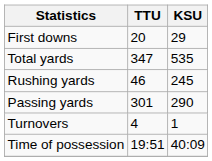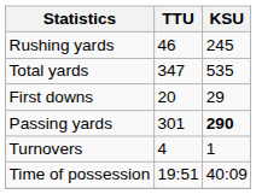 <table class="wikitable" style="float: left;">
 <tr>
 <th>Statistics</th>
 <th>TTU</th>
 <th>KSU</th>
 </tr>
 <tr>
-<td>First downs</td>
-<td>20</td>
-<td>29</td>
+<td>Rushing yards</td>
+<td>46</td>
+<td>245</td>
 </tr>
 <tr>
 <td>Total yards</td>
 <td>347</td>
 <td>535</td>
 </tr>
 <tr>
-<td>Rushing yards</td>
-<td>46</td>
-<td>245</td>
+<td>First downs</td>
+<td>20</td>
+<td>29</td>
 </tr>
 <tr>
 <td>Passing yards</td>
 <td>301</td>
-<td>290</td>
+<td><strong>290</strong></td>
 </tr>
 <tr>
 <td>Turnovers</td>
 <td>4</td>
 <td>1</td>
 </tr>
 <tr>
 <td>Time of possession</td>
 <td>19:51</td>
 <td>40:09</td>
 </tr>
 <tr>
 </tr>
 </table>
